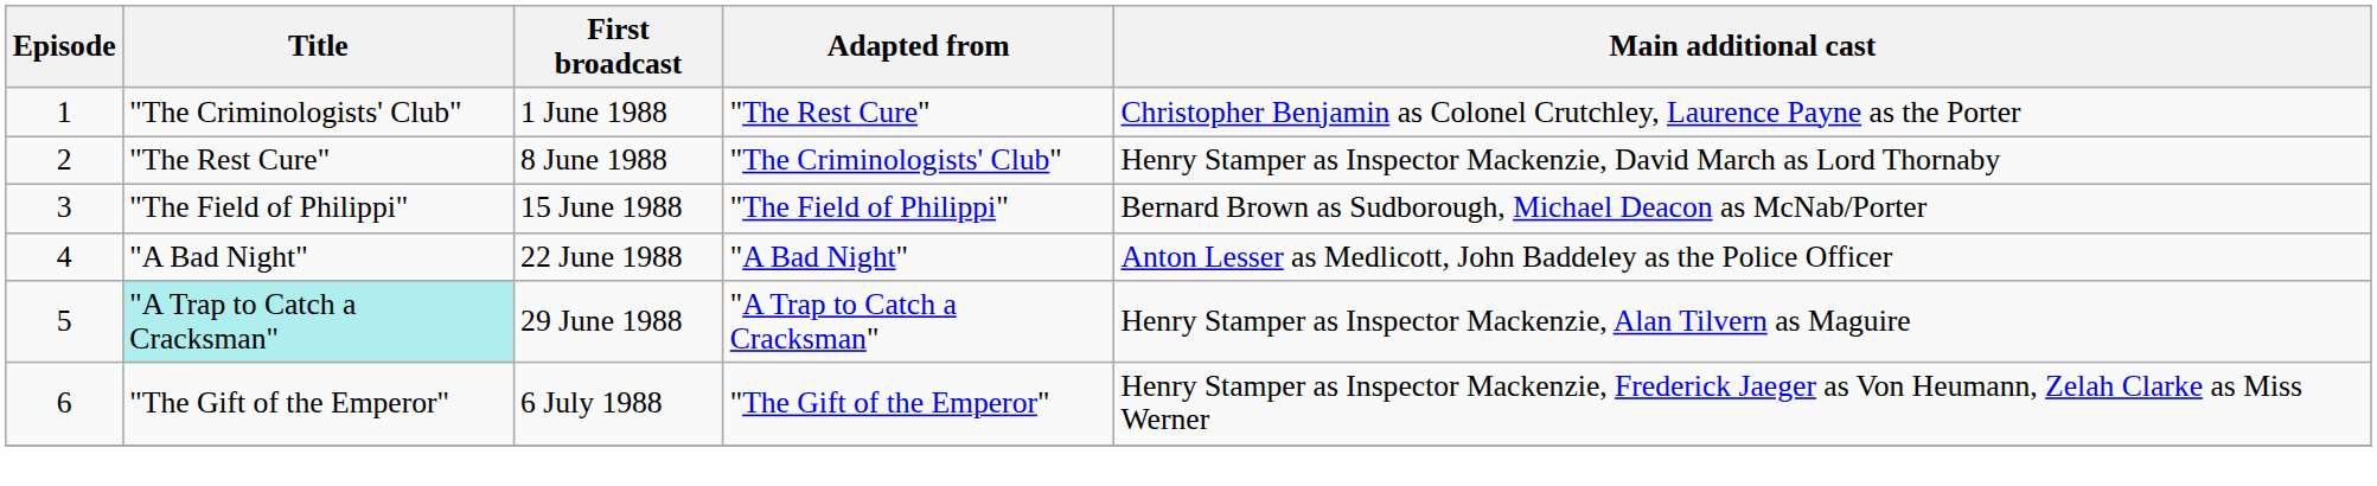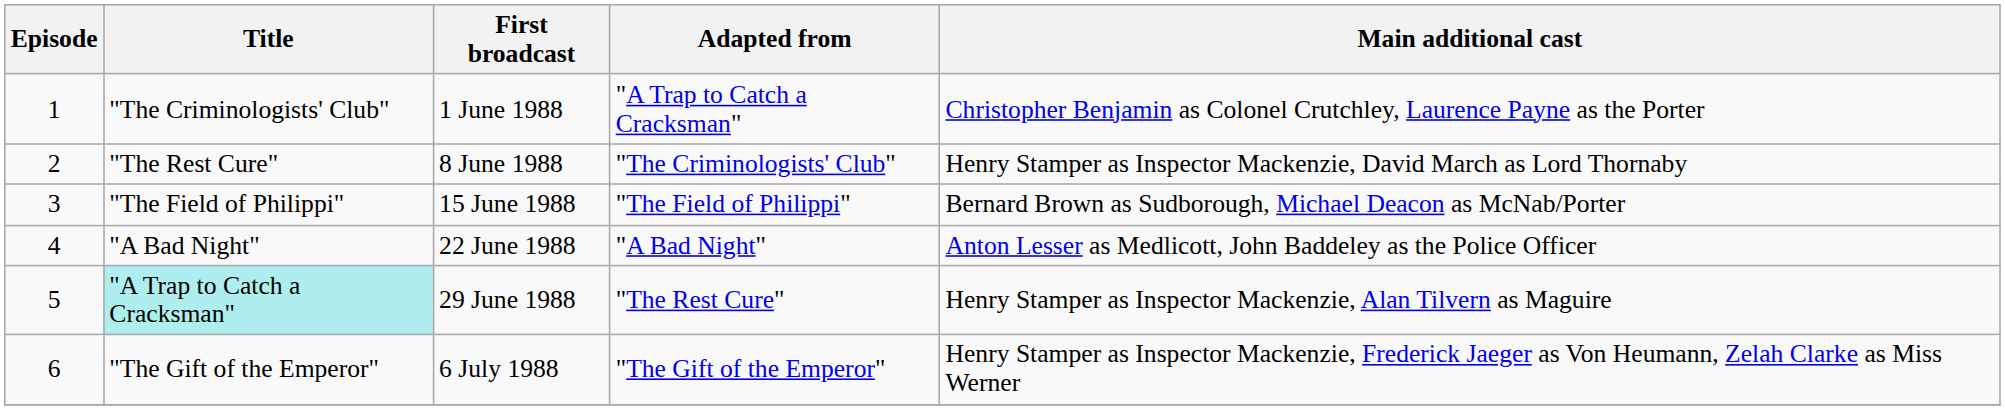 <table class="wikitable">
 <tr>
 <th>Episode</th>
 <th>Title</th>
 <th>First broadcast</th>
 <th>Adapted from</th>
 <th>Main additional cast</th>
 </tr>
 <tr>
 <td style="text-align: center;">1</td>
 <td>"The Criminologists' Club"</td>
 <td>1 June 1988</td>
-<td>"<a href='#'>The Rest Cure</a>"</td>
+<td>"<a href='#'>A Trap to Catch a Cracksman</a>"</td>
 <td><a href='#'>Christopher Benjamin</a> as Colonel Crutchley, <a href='#'>Laurence Payne</a> as the Porter</td>
 </tr>
 <tr>
 <td style="text-align: center;">2</td>
 <td>"The Rest Cure"</td>
 <td>8 June 1988</td>
 <td>"<a href='#'>The Criminologists' Club</a>"</td>
 <td>Henry Stamper as Inspector Mackenzie, David March as Lord Thornaby</td>
 </tr>
 <tr>
 <td style="text-align: center;">3</td>
 <td>"The Field of Philippi"</td>
 <td>15 June 1988</td>
 <td>"<a href='#'>The Field of Philippi</a>"</td>
 <td>Bernard Brown as Sudborough, <a href='#'>Michael Deacon</a> as McNab/Porter</td>
 </tr>
 <tr>
 <td style="text-align: center;">4</td>
 <td>"A Bad Night"</td>
 <td>22 June 1988</td>
 <td>"<a href='#'>A Bad Night</a>"</td>
 <td><a href='#'>Anton Lesser</a> as Medlicott, John Baddeley as the Police Officer</td>
 </tr>
 <tr>
 <td style="text-align: center;">5</td>
 <td style="background: paleturquoise;">"A Trap to Catch a Cracksman"</td>
 <td>29 June 1988</td>
-<td>"<a href='#'>A Trap to Catch a Cracksman</a>"</td>
+<td>"<a href='#'>The Rest Cure</a>"</td>
 <td>Henry Stamper as Inspector Mackenzie, <a href='#'>Alan Tilvern</a> as Maguire</td>
 </tr>
 <tr>
 <td style="text-align: center;">6</td>
 <td>"The Gift of the Emperor"</td>
 <td>6 July 1988</td>
 <td>"<a href='#'>The Gift of the Emperor</a>"</td>
 <td>Henry Stamper as Inspector Mackenzie, <a href='#'>Frederick Jaeger</a> as Von Heumann, <a href='#'>Zelah Clarke</a> as Miss Werner</td>
 </tr>
 <tr>
 </tr>
 </table>
